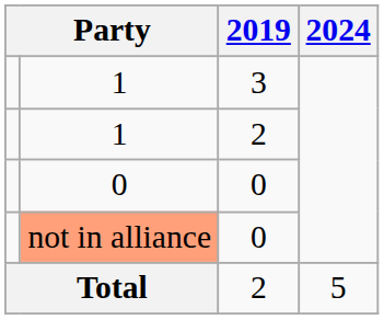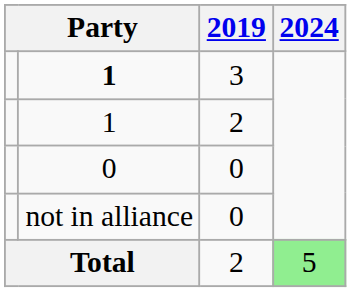 <table class="wikitable sortable" style="text-align: center;">
 <tr>
 <th Colspan="2">Party</th>
 <th><a href='#'>2019</a></th>
 <th><a href='#'>2024</a></th>
 </tr>
 <tr>
 <td></td>
-<td>1</td>
+<td><strong>1</strong></td>
 <td>3</td>
 </tr>
 <tr>
 <td></td>
 <td>1</td>
 <td>2</td>
 </tr>
 <tr>
 <td></td>
 <td>0</td>
 <td>0</td>
 </tr>
 <tr>
 <td></td>
-<td style="background: lightsalmon;">not in alliance</td>
+<td>not in alliance</td>
 <td>0</td>
 </tr>
 <tr>
 <th Colspan="2">Total</th>
 <td>2</td>
-<td>5</td>
+<td style="background: lightgreen;">5</td>
 </tr>
 </table>
